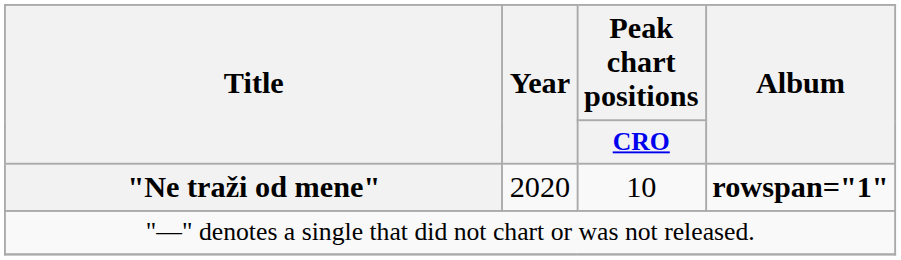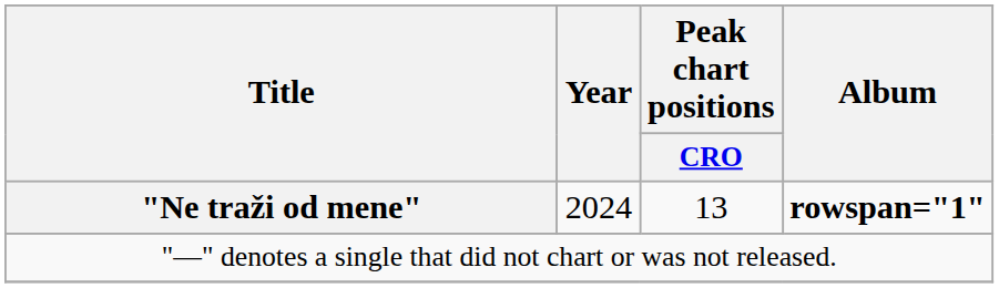 <table class="wikitable plainrowheaders" style="text-align:center;">
 <tr>
 <th scope="col" rowspan="2" style="width:16em;">Title</th>
 <th scope="col" rowspan="2" style="width:1em;">Year</th>
 <th scope="col" colspan="1">Peak chart positions</th>
 <th scope="col" rowspan="2">Album</th>
 </tr>
 <tr>
 <th scope="col" style="width:3em;font-size:85%;"><a href='#'>CRO</a><br></th>
 </tr>
 <tr>
 <th scope="row">"Ne traži od mene"</th>
-<td rowspan="1">2020</td>
-<td>10</td>
+<td rowspan="1">2024</td>
+<td>13</td>
 <td><strong>rowspan="1" </strong></td>
 </tr>
 <tr>
 <td style="text-align:center; font-size:85%;" colspan="22">"—" denotes a single that did not chart or was not released.</td>
 </tr>
 <tr>
 </tr>
 </table>
